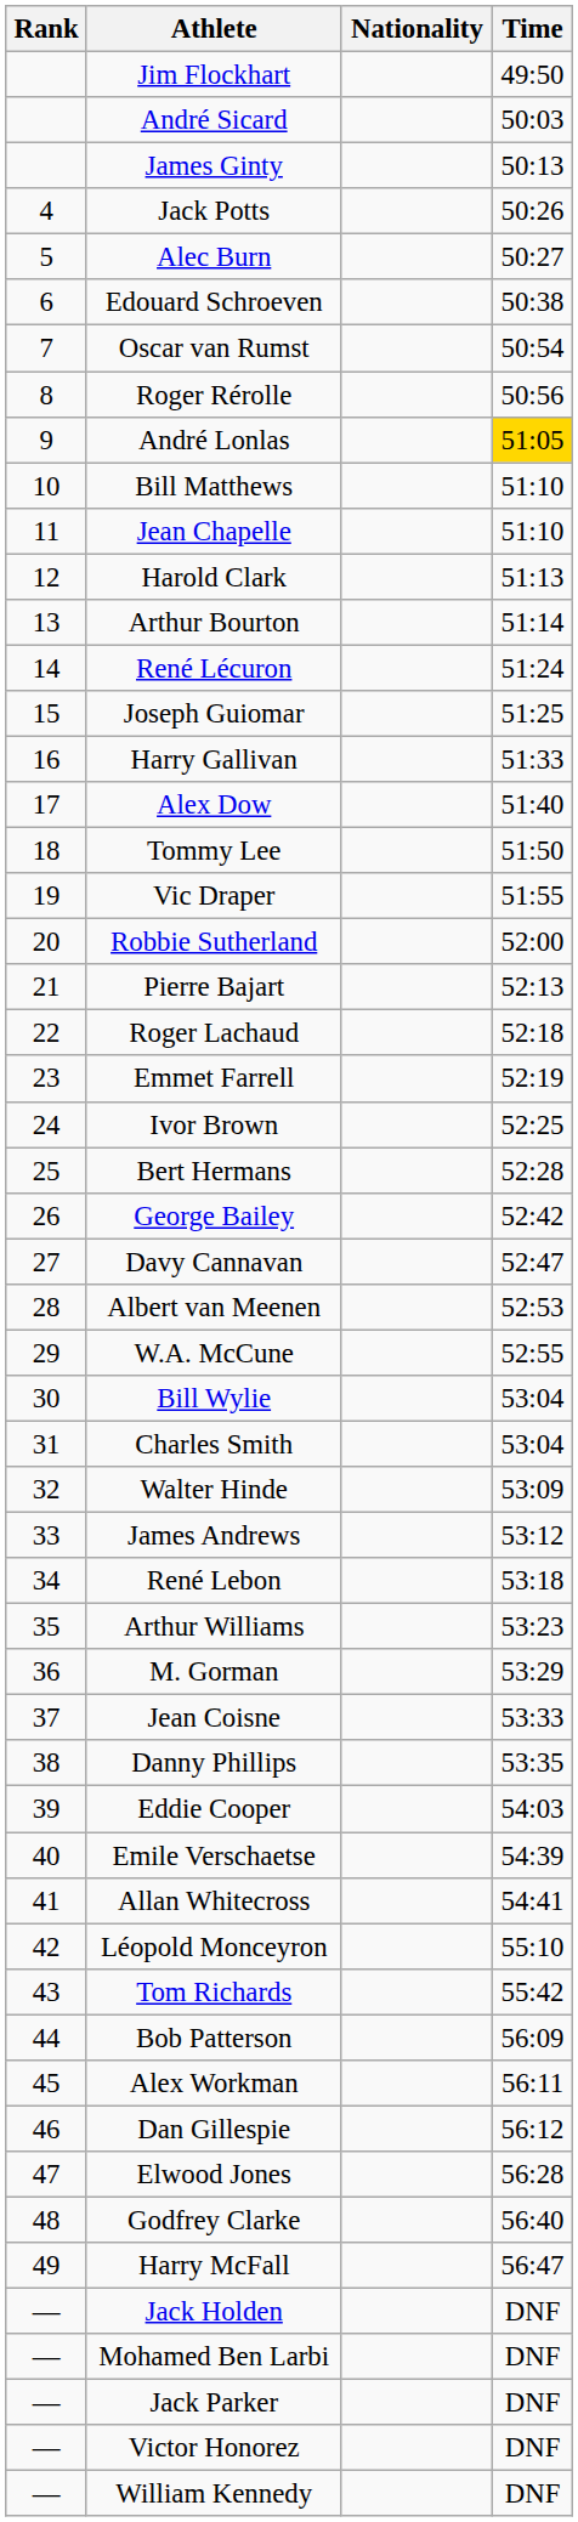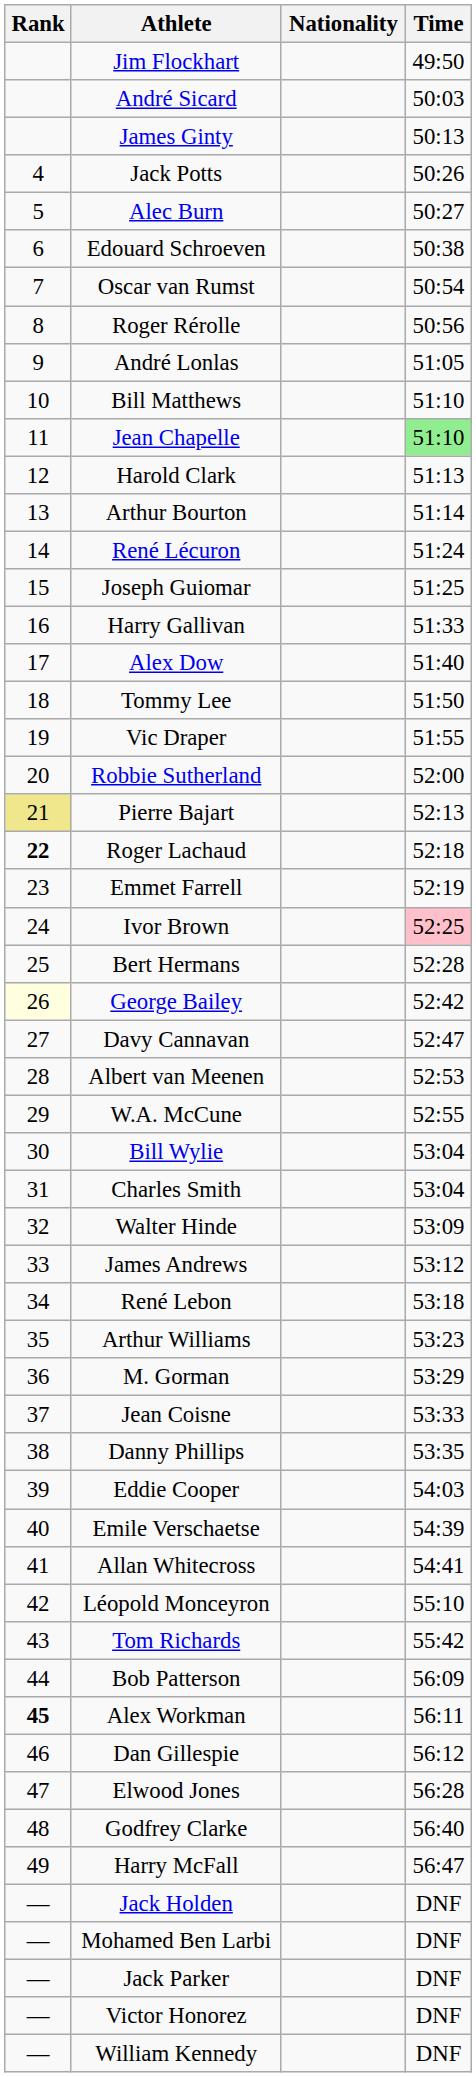 <table class="wikitable sortable" style=" text-align:center; font-size:95%;" width="50%">
 <tr>
 <th>Rank</th>
 <th>Athlete</th>
 <th>Nationality</th>
 <th>Time</th>
 </tr>
 <tr>
 <td align=center></td>
 <td><a href='#'>Jim Flockhart</a></td>
 <td></td>
 <td>49:50</td>
 </tr>
 <tr>
 <td align=center></td>
 <td><a href='#'>André Sicard</a></td>
 <td></td>
 <td>50:03</td>
 </tr>
 <tr>
 <td align=center></td>
 <td><a href='#'>James Ginty</a></td>
 <td></td>
 <td>50:13</td>
 </tr>
 <tr>
 <td align=center>4</td>
 <td>Jack Potts</td>
 <td></td>
 <td>50:26</td>
 </tr>
 <tr>
 <td align=center>5</td>
 <td><a href='#'>Alec Burn</a></td>
 <td></td>
 <td>50:27</td>
 </tr>
 <tr>
 <td align=center>6</td>
 <td>Edouard Schroeven</td>
 <td></td>
 <td>50:38</td>
 </tr>
 <tr>
 <td align=center>7</td>
 <td>Oscar van Rumst</td>
 <td></td>
 <td>50:54</td>
 </tr>
 <tr>
 <td align=center>8</td>
 <td>Roger Rérolle</td>
 <td></td>
 <td>50:56</td>
 </tr>
 <tr>
 <td align=center>9</td>
 <td>André Lonlas</td>
 <td></td>
-<td style="background: gold;">51:05</td>
+<td>51:05</td>
 </tr>
 <tr>
 <td align=center>10</td>
 <td>Bill Matthews</td>
 <td></td>
 <td>51:10</td>
 </tr>
 <tr>
 <td align=center>11</td>
 <td><a href='#'>Jean Chapelle</a></td>
 <td></td>
-<td>51:10</td>
+<td style="background: lightgreen;">51:10</td>
 </tr>
 <tr>
 <td align=center>12</td>
 <td>Harold Clark</td>
 <td></td>
 <td>51:13</td>
 </tr>
 <tr>
 <td align=center>13</td>
 <td>Arthur Bourton</td>
 <td></td>
 <td>51:14</td>
 </tr>
 <tr>
 <td align=center>14</td>
 <td><a href='#'>René Lécuron</a></td>
 <td></td>
 <td>51:24</td>
 </tr>
 <tr>
 <td align=center>15</td>
 <td>Joseph Guiomar</td>
 <td></td>
 <td>51:25</td>
 </tr>
 <tr>
 <td align=center>16</td>
 <td>Harry Gallivan</td>
 <td></td>
 <td>51:33</td>
 </tr>
 <tr>
 <td align=center>17</td>
 <td><a href='#'>Alex Dow</a></td>
 <td></td>
 <td>51:40</td>
 </tr>
 <tr>
 <td align=center>18</td>
 <td>Tommy Lee</td>
 <td></td>
 <td>51:50</td>
 </tr>
 <tr>
 <td align=center>19</td>
 <td>Vic Draper</td>
 <td></td>
 <td>51:55</td>
 </tr>
 <tr>
 <td align=center>20</td>
 <td><a href='#'>Robbie Sutherland</a></td>
 <td></td>
 <td>52:00</td>
 </tr>
 <tr>
-<td align=center>21</td>
+<td align=center style="background: khaki;">21</td>
 <td>Pierre Bajart</td>
 <td></td>
 <td>52:13</td>
 </tr>
 <tr>
-<td align=center>22</td>
+<td align=center><strong>22</strong></td>
 <td>Roger Lachaud</td>
 <td></td>
 <td>52:18</td>
 </tr>
 <tr>
 <td align=center>23</td>
 <td>Emmet Farrell</td>
 <td></td>
 <td>52:19</td>
 </tr>
 <tr>
 <td align=center>24</td>
 <td>Ivor Brown</td>
 <td></td>
-<td>52:25</td>
+<td style="background: pink;">52:25</td>
 </tr>
 <tr>
 <td align=center>25</td>
 <td>Bert Hermans</td>
 <td></td>
 <td>52:28</td>
 </tr>
 <tr>
-<td align=center>26</td>
+<td align=center style="background: lightyellow;">26</td>
 <td><a href='#'>George Bailey</a></td>
 <td></td>
 <td>52:42</td>
 </tr>
 <tr>
 <td align=center>27</td>
 <td>Davy Cannavan</td>
 <td></td>
 <td>52:47</td>
 </tr>
 <tr>
 <td align=center>28</td>
 <td>Albert van Meenen</td>
 <td></td>
 <td>52:53</td>
 </tr>
 <tr>
 <td align=center>29</td>
 <td>W.A. McCune</td>
 <td></td>
 <td>52:55</td>
 </tr>
 <tr>
 <td align=center>30</td>
 <td><a href='#'>Bill Wylie</a></td>
 <td></td>
 <td>53:04</td>
 </tr>
 <tr>
 <td align=center>31</td>
 <td>Charles Smith</td>
 <td></td>
 <td>53:04</td>
 </tr>
 <tr>
 <td align=center>32</td>
 <td>Walter Hinde</td>
 <td></td>
 <td>53:09</td>
 </tr>
 <tr>
 <td align=center>33</td>
 <td>James Andrews</td>
 <td></td>
 <td>53:12</td>
 </tr>
 <tr>
 <td align=center>34</td>
 <td>René Lebon</td>
 <td></td>
 <td>53:18</td>
 </tr>
 <tr>
 <td align=center>35</td>
 <td>Arthur Williams</td>
 <td></td>
 <td>53:23</td>
 </tr>
 <tr>
 <td align=center>36</td>
 <td>M. Gorman</td>
 <td></td>
 <td>53:29</td>
 </tr>
 <tr>
 <td align=center>37</td>
 <td>Jean Coisne</td>
 <td></td>
 <td>53:33</td>
 </tr>
 <tr>
 <td align=center>38</td>
 <td>Danny Phillips</td>
 <td></td>
 <td>53:35</td>
 </tr>
 <tr>
 <td align=center>39</td>
 <td>Eddie Cooper</td>
 <td></td>
 <td>54:03</td>
 </tr>
 <tr>
 <td align=center>40</td>
 <td>Emile Verschaetse</td>
 <td></td>
 <td>54:39</td>
 </tr>
 <tr>
 <td align=center>41</td>
 <td>Allan Whitecross</td>
 <td></td>
 <td>54:41</td>
 </tr>
 <tr>
 <td align=center>42</td>
 <td>Léopold Monceyron</td>
 <td></td>
 <td>55:10</td>
 </tr>
 <tr>
 <td align=center>43</td>
 <td><a href='#'>Tom Richards</a></td>
 <td></td>
 <td>55:42</td>
 </tr>
 <tr>
 <td align=center>44</td>
 <td>Bob Patterson</td>
 <td></td>
 <td>56:09</td>
 </tr>
 <tr>
-<td align=center>45</td>
+<td align=center><strong>45</strong></td>
 <td>Alex Workman</td>
 <td></td>
 <td>56:11</td>
 </tr>
 <tr>
 <td align=center>46</td>
 <td>Dan Gillespie</td>
 <td></td>
 <td>56:12</td>
 </tr>
 <tr>
 <td align=center>47</td>
 <td>Elwood Jones</td>
 <td></td>
 <td>56:28</td>
 </tr>
 <tr>
 <td align=center>48</td>
 <td>Godfrey Clarke</td>
 <td></td>
 <td>56:40</td>
 </tr>
 <tr>
 <td align=center>49</td>
 <td>Harry McFall</td>
 <td></td>
 <td>56:47</td>
 </tr>
 <tr>
 <td align=center>—</td>
 <td><a href='#'>Jack Holden</a></td>
 <td></td>
 <td>DNF</td>
 </tr>
 <tr>
 <td align=center>—</td>
 <td>Mohamed Ben Larbi</td>
 <td></td>
 <td>DNF</td>
 </tr>
 <tr>
 <td align=center>—</td>
 <td>Jack Parker</td>
 <td></td>
 <td>DNF</td>
 </tr>
 <tr>
 <td align=center>—</td>
 <td>Victor Honorez</td>
 <td></td>
 <td>DNF</td>
 </tr>
 <tr>
 <td align=center>—</td>
 <td>William Kennedy</td>
 <td></td>
 <td>DNF</td>
 </tr>
 </table>
